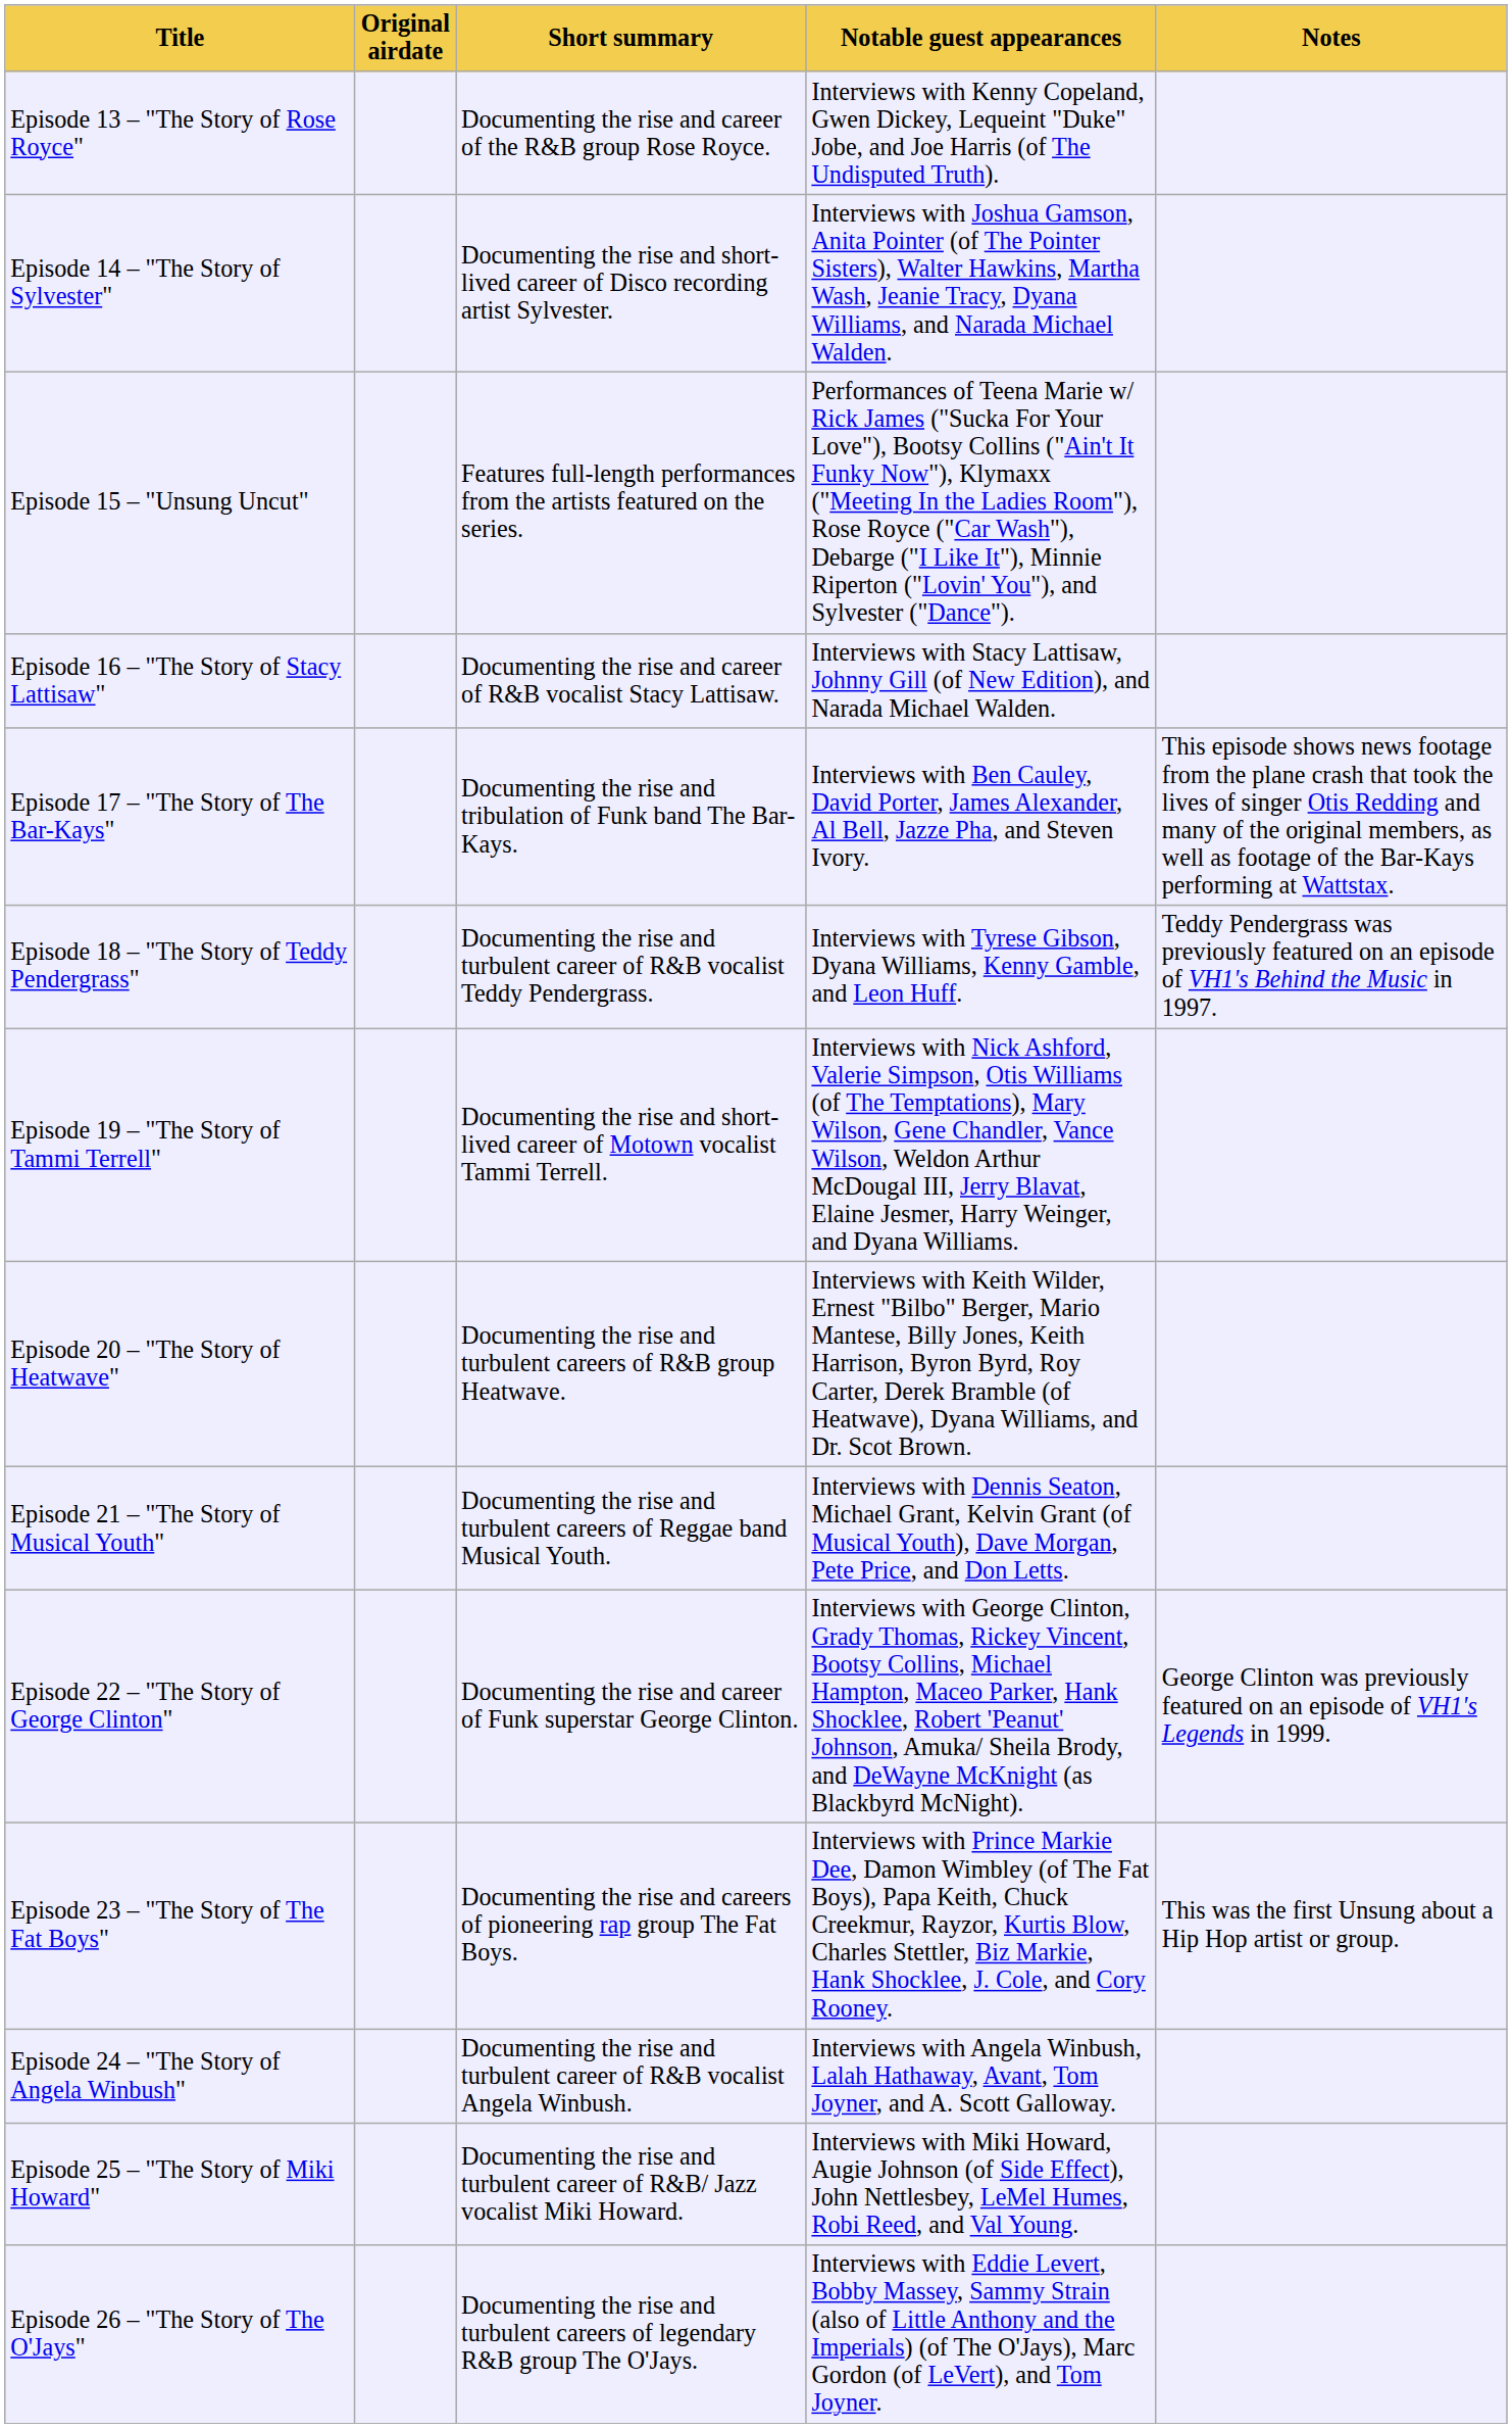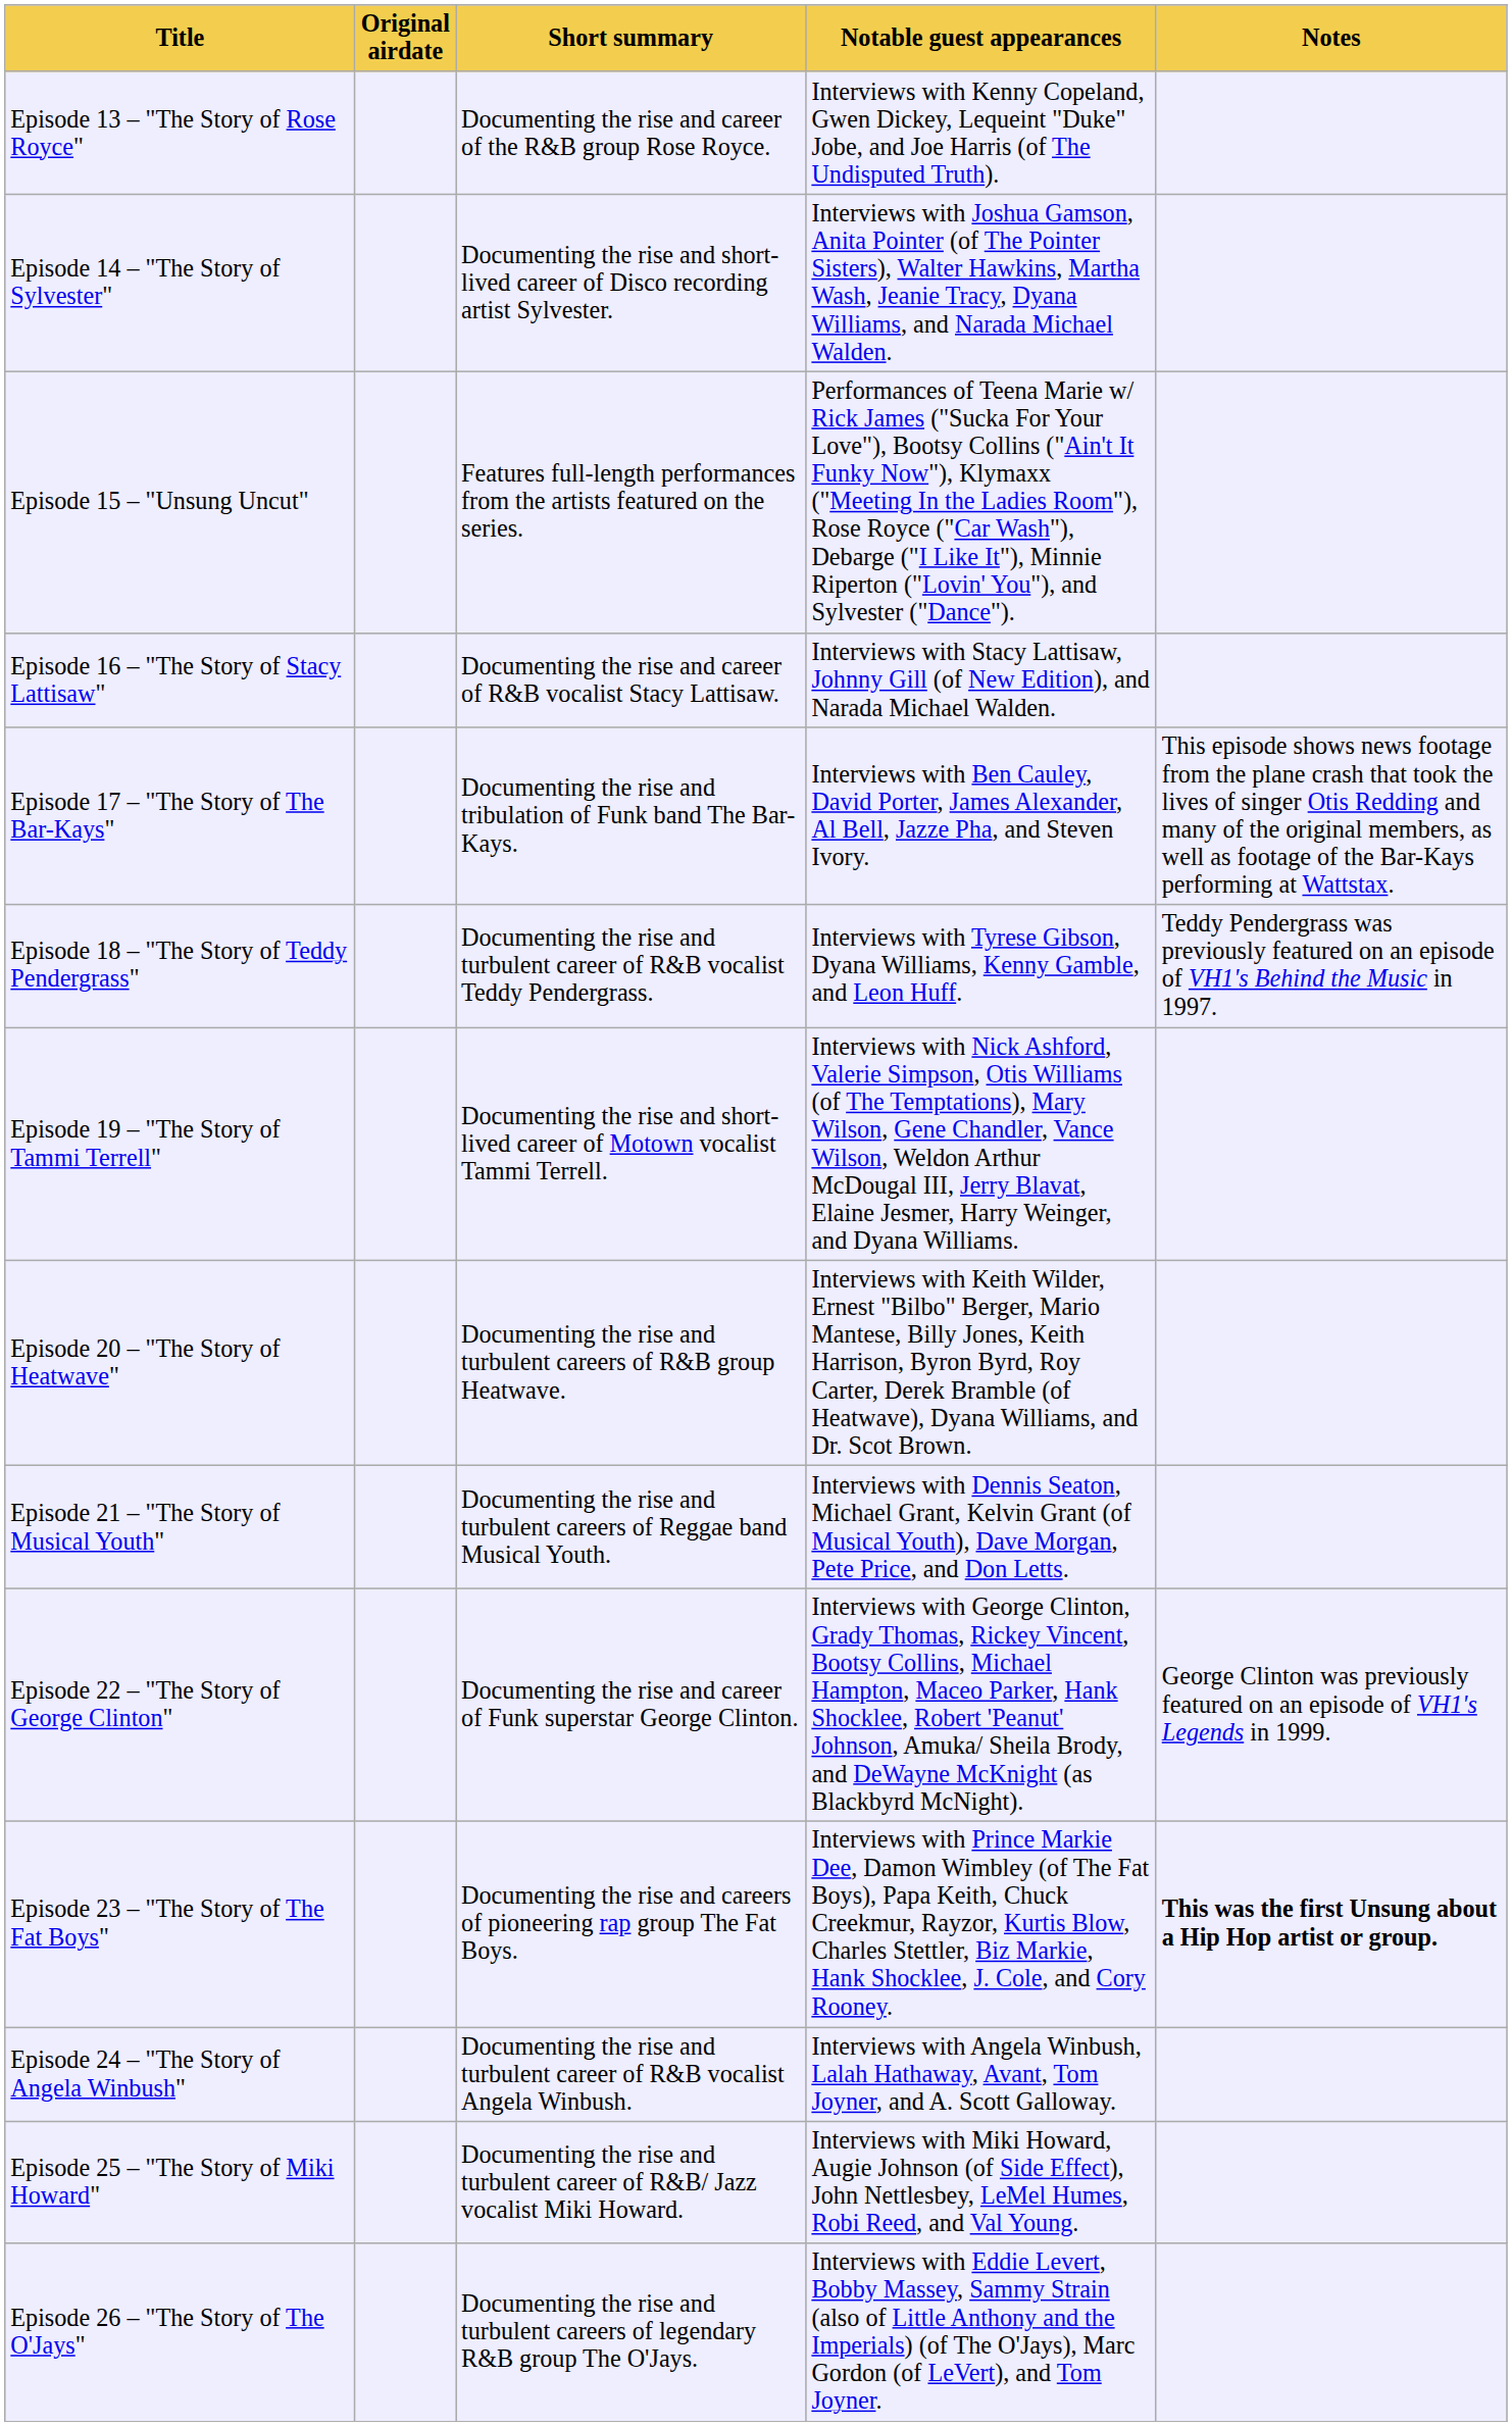 <table class="wikitable" style="background:#EEEEFF">
 <tr>
 <th scope="col" style="background-color: #F3CE4E" width="220">Title</th>
 <th scope="col" style="background-color: #F3CE4E" width="40pt">Original airdate</th>
 <th scope="col" style="background-color: #F3CE4E" width="220">Short summary</th>
 <th scope="col" style="background-color: #F3CE4E" width="220">Notable guest appearances</th>
 <th scope="col" style="background-color: #F3CE4E" width="220">Notes</th>
 </tr>
 <tr>
 <td>Episode 13 – "The Story of <a href='#'>Rose Royce</a>"</td>
 <td></td>
 <td>Documenting the rise and career of the R&B group Rose Royce.</td>
 <td>Interviews with Kenny Copeland, Gwen Dickey, Lequeint "Duke" Jobe, and Joe Harris (of <a href='#'>The Undisputed Truth</a>).</td>
 <td></td>
 </tr>
 <tr>
 <td>Episode 14 – "The Story of <a href='#'>Sylvester</a>"</td>
 <td></td>
 <td>Documenting the rise and short-lived career of Disco recording artist Sylvester.</td>
 <td>Interviews with <a href='#'>Joshua Gamson</a>, <a href='#'>Anita Pointer</a> (of <a href='#'>The Pointer Sisters</a>), <a href='#'>Walter Hawkins</a>, <a href='#'>Martha Wash</a>, <a href='#'>Jeanie Tracy</a>, <a href='#'>Dyana Williams</a>, and <a href='#'>Narada Michael Walden</a>.</td>
 <td></td>
 </tr>
 <tr>
 <td>Episode 15 – "Unsung Uncut"</td>
 <td></td>
 <td>Features full-length performances from the artists featured on the series.</td>
 <td>Performances of Teena Marie w/ <a href='#'>Rick James</a> ("Sucka For Your Love"), Bootsy Collins ("<a href='#'>Ain't It Funky Now</a>"), Klymaxx ("<a href='#'>Meeting In the Ladies Room</a>"), Rose Royce ("<a href='#'>Car Wash</a>"), Debarge ("<a href='#'>I Like It</a>"), Minnie Riperton ("<a href='#'>Lovin' You</a>"), and Sylvester ("<a href='#'>Dance</a>").</td>
 <td></td>
 </tr>
 <tr>
 <td>Episode 16 – "The Story of <a href='#'>Stacy Lattisaw</a>"</td>
 <td></td>
 <td>Documenting the rise and career of R&B vocalist Stacy Lattisaw.</td>
 <td>Interviews with Stacy Lattisaw, <a href='#'>Johnny Gill</a> (of <a href='#'>New Edition</a>), and Narada Michael Walden.</td>
 <td></td>
 </tr>
 <tr>
 <td>Episode 17 – "The Story of <a href='#'>The Bar-Kays</a>"</td>
 <td></td>
 <td>Documenting the rise and tribulation of Funk band The Bar-Kays.</td>
 <td>Interviews with <a href='#'>Ben Cauley</a>, <a href='#'>David Porter</a>, <a href='#'>James Alexander</a>, <a href='#'>Al Bell</a>, <a href='#'>Jazze Pha</a>, and Steven Ivory.</td>
 <td>This episode shows news footage from the plane crash that took the lives of singer <a href='#'>Otis Redding</a> and many of the original members, as well as footage of the Bar-Kays performing at <a href='#'>Wattstax</a>.</td>
 </tr>
 <tr>
 <td>Episode 18 – "The Story of <a href='#'>Teddy Pendergrass</a>"</td>
 <td></td>
 <td>Documenting the rise and turbulent career of R&B vocalist Teddy Pendergrass.</td>
 <td>Interviews with <a href='#'>Tyrese Gibson</a>, Dyana Williams, <a href='#'>Kenny Gamble</a>, and <a href='#'>Leon Huff</a>.</td>
 <td>Teddy Pendergrass was previously featured on an episode of <em><a href='#'>VH1's Behind the Music</a></em> in 1997.</td>
 </tr>
 <tr>
 <td>Episode 19 – "The Story of <a href='#'>Tammi Terrell</a>"</td>
 <td></td>
 <td>Documenting the rise and short-lived career of <a href='#'>Motown</a> vocalist Tammi Terrell.</td>
 <td>Interviews with <a href='#'>Nick Ashford</a>, <a href='#'>Valerie Simpson</a>, <a href='#'>Otis Williams</a> (of <a href='#'>The Temptations</a>), <a href='#'>Mary Wilson</a>, <a href='#'>Gene Chandler</a>, <a href='#'>Vance Wilson</a>, Weldon Arthur McDougal III, <a href='#'>Jerry Blavat</a>, Elaine Jesmer, Harry Weinger, and Dyana Williams.</td>
 <td></td>
 </tr>
 <tr>
 <td>Episode 20 – "The Story of <a href='#'>Heatwave</a>"</td>
 <td></td>
 <td>Documenting the rise and turbulent careers of R&B group Heatwave.</td>
 <td>Interviews with Keith Wilder, Ernest "Bilbo" Berger, Mario Mantese, Billy Jones, Keith Harrison, Byron Byrd, Roy Carter, Derek Bramble (of Heatwave), Dyana Williams, and Dr. Scot Brown.</td>
 <td></td>
 </tr>
 <tr>
 <td>Episode 21 – "The Story of <a href='#'>Musical Youth</a>"</td>
 <td></td>
 <td>Documenting the rise and turbulent careers of Reggae band Musical Youth.</td>
 <td>Interviews with <a href='#'>Dennis Seaton</a>, Michael Grant, Kelvin Grant (of <a href='#'>Musical Youth</a>), <a href='#'>Dave Morgan</a>, <a href='#'>Pete Price</a>, and <a href='#'>Don Letts</a>.</td>
 <td></td>
 </tr>
 <tr>
 <td>Episode 22 – "The Story of <a href='#'>George Clinton</a>"</td>
 <td></td>
 <td>Documenting the rise and career of Funk superstar George Clinton.</td>
 <td>Interviews with George Clinton, <a href='#'>Grady Thomas</a>, <a href='#'>Rickey Vincent</a>, <a href='#'>Bootsy Collins</a>, <a href='#'>Michael Hampton</a>, <a href='#'>Maceo Parker</a>, <a href='#'>Hank Shocklee</a>, <a href='#'>Robert 'Peanut' Johnson</a>, Amuka/ Sheila Brody, and <a href='#'>DeWayne McKnight</a> (as Blackbyrd McNight).</td>
 <td>George Clinton was previously featured on an episode of <em><a href='#'>VH1's Legends</a></em> in 1999.</td>
 </tr>
 <tr>
 <td>Episode 23 – "The Story of <a href='#'>The Fat Boys</a>"</td>
 <td></td>
 <td>Documenting the rise and careers of pioneering <a href='#'>rap</a> group The Fat Boys.</td>
 <td>Interviews with <a href='#'>Prince Markie Dee</a>, Damon Wimbley (of The Fat Boys), Papa Keith, Chuck Creekmur, Rayzor, <a href='#'>Kurtis Blow</a>, Charles Stettler, <a href='#'>Biz Markie</a>, <a href='#'>Hank Shocklee</a>, <a href='#'>J. Cole</a>, and <a href='#'>Cory Rooney</a>.</td>
-<td>This was the first Unsung about a Hip Hop artist or group.</td>
+<td><strong>This was the first Unsung about a Hip Hop artist or group.</strong></td>
 </tr>
 <tr>
 <td>Episode 24 – "The Story of <a href='#'>Angela Winbush</a>"</td>
 <td></td>
 <td>Documenting the rise and turbulent career of R&B vocalist Angela Winbush.</td>
 <td>Interviews with Angela Winbush, <a href='#'>Lalah Hathaway</a>, <a href='#'>Avant</a>, <a href='#'>Tom Joyner</a>, and A. Scott Galloway.</td>
 <td></td>
 </tr>
 <tr>
 <td>Episode 25 – "The Story of <a href='#'>Miki Howard</a>"</td>
 <td></td>
 <td>Documenting the rise and turbulent career of R&B/ Jazz vocalist Miki Howard.</td>
 <td>Interviews with Miki Howard, Augie Johnson (of <a href='#'>Side Effect</a>), John Nettlesbey, <a href='#'>LeMel Humes</a>, <a href='#'>Robi Reed</a>, and <a href='#'>Val Young</a>.</td>
 <td></td>
 </tr>
 <tr>
 <td>Episode 26 – "The Story of <a href='#'>The O'Jays</a>"</td>
 <td></td>
 <td>Documenting the rise and turbulent careers of legendary R&B group The O'Jays.</td>
 <td>Interviews with <a href='#'>Eddie Levert</a>, <a href='#'>Bobby Massey</a>, <a href='#'>Sammy Strain</a> (also of <a href='#'>Little Anthony and the Imperials</a>) (of The O'Jays), Marc Gordon (of <a href='#'>LeVert</a>), and <a href='#'>Tom Joyner</a>.</td>
 <td></td>
 </tr>
 <tr>
 </tr>
 </table>
